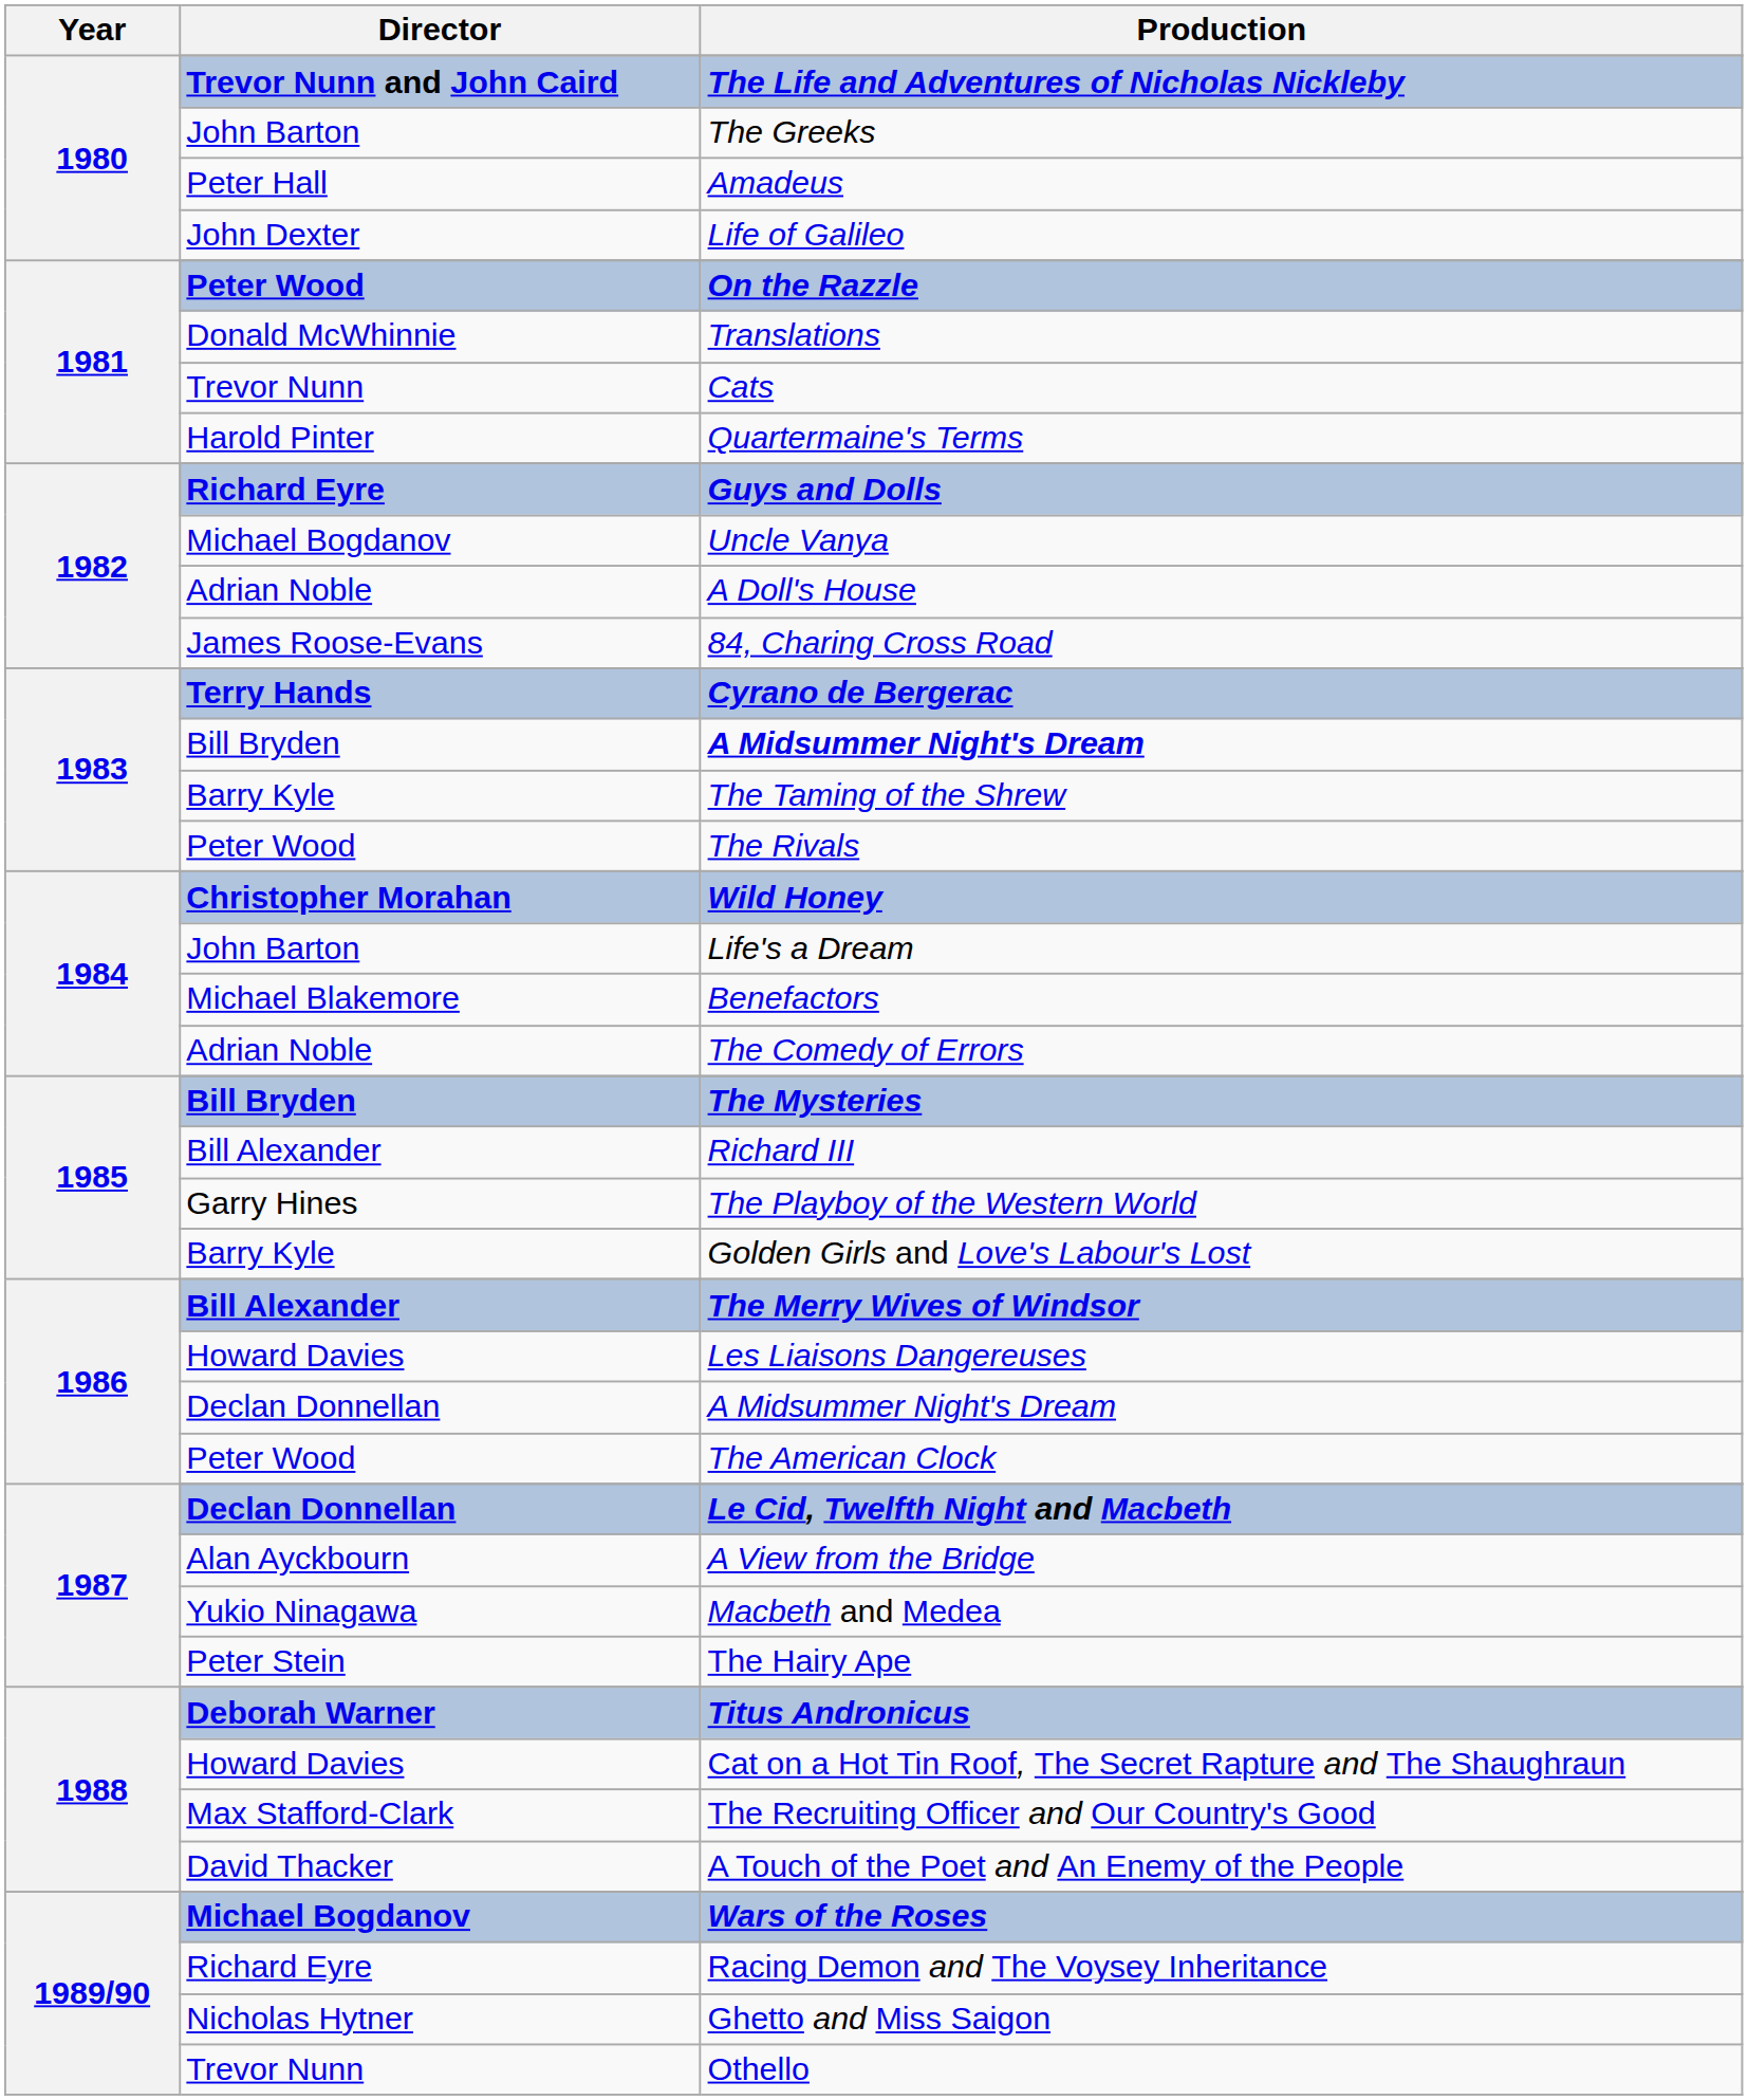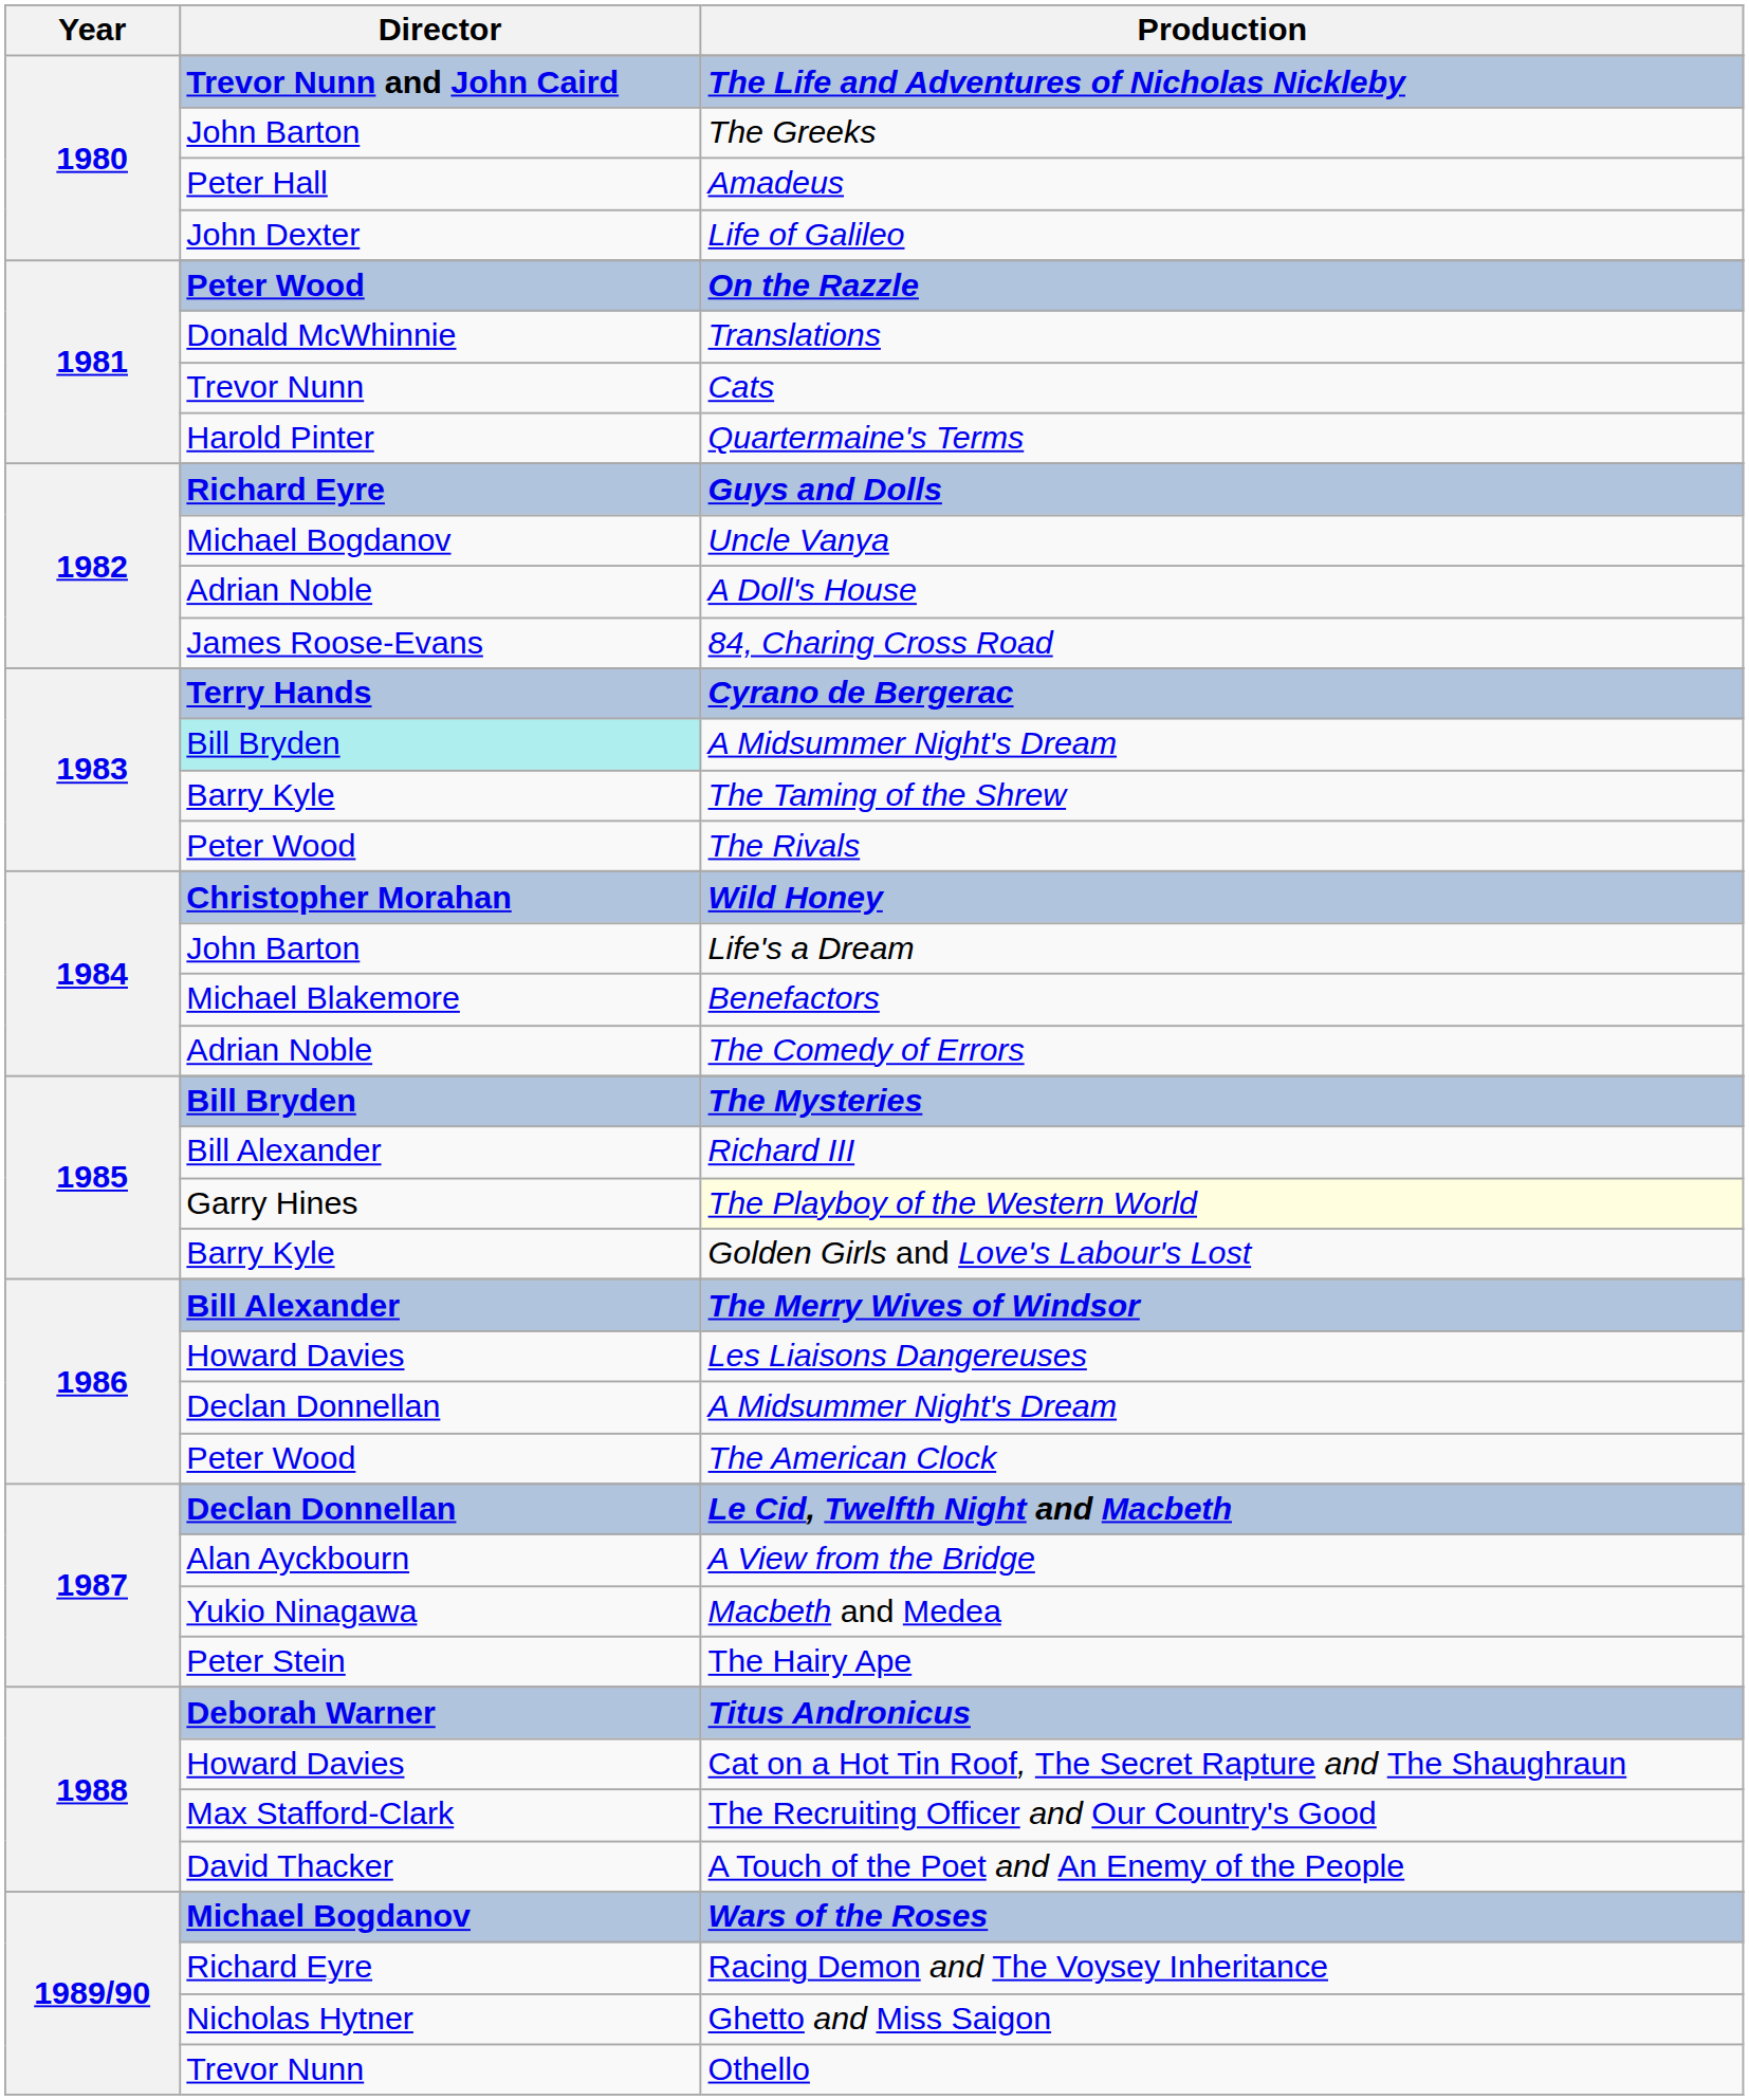 <table class="wikitable" style="width:98%;">
 <tr>
 <th style="width:10%;">Year</th>
 <th style="width:30%;">Director</th>
 <th style="width:60%;">Production</th>
 </tr>
 <tr>
 <th rowspan="5"><a href='#'>1980</a></th>
 </tr>
 <tr style="background:#B0C4DE">
 <td><strong><a href='#'>Trevor Nunn</a> and <a href='#'>John Caird</a></strong></td>
 <td><strong><em><a href='#'>The Life and Adventures of Nicholas Nickleby</a></em></strong></td>
 </tr>
 <tr>
 <td><a href='#'>John Barton</a></td>
 <td><em>The Greeks</em></td>
 </tr>
 <tr>
 <td><a href='#'>Peter Hall</a></td>
 <td><em><a href='#'>Amadeus</a></em></td>
 </tr>
 <tr>
 <td><a href='#'>John Dexter</a></td>
 <td><em><a href='#'>Life of Galileo</a></em></td>
 </tr>
 <tr>
 <th rowspan="5"><a href='#'>1981</a></th>
 </tr>
 <tr style="background:#B0C4DE">
 <td><strong><a href='#'>Peter Wood</a></strong></td>
 <td><strong><em><a href='#'>On the Razzle</a></em></strong></td>
 </tr>
 <tr>
 <td><a href='#'>Donald McWhinnie</a></td>
 <td><em><a href='#'>Translations</a></em></td>
 </tr>
 <tr>
 <td><a href='#'>Trevor Nunn</a></td>
 <td><em><a href='#'>Cats</a></em></td>
 </tr>
 <tr>
 <td><a href='#'>Harold Pinter</a></td>
 <td><em><a href='#'>Quartermaine's Terms</a></em></td>
 </tr>
 <tr>
 <th rowspan="5"><a href='#'>1982</a></th>
 </tr>
 <tr style="background:#B0C4DE">
 <td><strong><a href='#'>Richard Eyre</a></strong></td>
 <td><strong><em><a href='#'>Guys and Dolls</a></em></strong></td>
 </tr>
 <tr>
 <td><a href='#'>Michael Bogdanov</a></td>
 <td><em><a href='#'>Uncle Vanya</a></em></td>
 </tr>
 <tr>
 <td><a href='#'>Adrian Noble</a></td>
 <td><em><a href='#'>A Doll's House</a></em></td>
 </tr>
 <tr>
 <td><a href='#'>James Roose-Evans</a></td>
 <td><em><a href='#'>84, Charing Cross Road</a></em></td>
 </tr>
 <tr>
 <th rowspan="5"><a href='#'>1983</a></th>
 </tr>
 <tr style="background:#B0C4DE">
 <td><strong><a href='#'>Terry Hands</a></strong></td>
 <td><strong><em><a href='#'>Cyrano de Bergerac</a></em></strong></td>
 </tr>
 <tr>
-<td><a href='#'>Bill Bryden</a></td>
-<td><strong><em><a href='#'>A Midsummer Night's Dream</a></em></strong></td>
+<td style="background: paleturquoise;"><a href='#'>Bill Bryden</a></td>
+<td><em><a href='#'>A Midsummer Night's Dream</a></em></td>
 </tr>
 <tr>
 <td><a href='#'>Barry Kyle</a></td>
 <td><em><a href='#'>The Taming of the Shrew</a></em></td>
 </tr>
 <tr>
 <td><a href='#'>Peter Wood</a></td>
 <td><em><a href='#'>The Rivals</a></em></td>
 </tr>
 <tr>
 <th rowspan="5"><a href='#'>1984</a></th>
 </tr>
 <tr style="background:#B0C4DE">
 <td><strong><a href='#'>Christopher Morahan</a></strong></td>
 <td><strong><em><a href='#'>Wild Honey</a></em></strong></td>
 </tr>
 <tr>
 <td><a href='#'>John Barton</a></td>
 <td><em>Life's a Dream</em></td>
 </tr>
 <tr>
 <td><a href='#'>Michael Blakemore</a></td>
 <td><em><a href='#'>Benefactors</a></em></td>
 </tr>
 <tr>
 <td><a href='#'>Adrian Noble</a></td>
 <td><em><a href='#'>The Comedy of Errors</a></em></td>
 </tr>
 <tr>
 <th rowspan="5"><a href='#'>1985</a></th>
 </tr>
 <tr style="background:#B0C4DE">
 <td><strong><a href='#'>Bill Bryden</a></strong></td>
 <td><strong><em><a href='#'>The Mysteries</a></em></strong></td>
 </tr>
 <tr>
 <td><a href='#'>Bill Alexander</a></td>
 <td><em><a href='#'>Richard III</a></em></td>
 </tr>
 <tr>
 <td>Garry Hines</td>
-<td><em><a href='#'>The Playboy of the Western World</a></em></td>
+<td style="background: lightyellow;"><em><a href='#'>The Playboy of the Western World</a></em></td>
 </tr>
 <tr>
 <td><a href='#'>Barry Kyle</a></td>
 <td><em>Golden Girls</em> and <em><a href='#'>Love's Labour's Lost</a></em></td>
 </tr>
 <tr>
 <th rowspan="5"><a href='#'>1986</a></th>
 </tr>
 <tr style="background:#B0C4DE">
 <td><strong><a href='#'>Bill Alexander</a></strong></td>
 <td><strong><em><a href='#'>The Merry Wives of Windsor</a></em></strong></td>
 </tr>
 <tr>
 <td><a href='#'>Howard Davies</a></td>
 <td><em><a href='#'>Les Liaisons Dangereuses</a></em></td>
 </tr>
 <tr>
 <td><a href='#'>Declan Donnellan</a></td>
 <td><em><a href='#'>A Midsummer Night's Dream</a></em></td>
 </tr>
 <tr>
 <td><a href='#'>Peter Wood</a></td>
 <td><em><a href='#'>The American Clock</a></em></td>
 </tr>
 <tr>
 <th rowspan="5"><a href='#'>1987</a></th>
 </tr>
 <tr style="background:#B0C4DE">
 <td><strong><a href='#'>Declan Donnellan</a></strong></td>
 <td><strong><em><a href='#'>Le Cid</a><em>, </em><a href='#'>Twelfth Night</a><em> and </em><a href='#'>Macbeth</a></em></strong></td>
 </tr>
 <tr>
 <td><a href='#'>Alan Ayckbourn</a></td>
 <td><em><a href='#'>A View from the Bridge</a></em></td>
 </tr>
 <tr>
 <td><a href='#'>Yukio Ninagawa</a></td>
 <td><em><a href='#'>Macbeth</a></em> and <a href='#'>Medea</a><em></td>
 </tr>
 <tr>
 <td><a href='#'>Peter Stein</a></td>
 <td></em><a href='#'>The Hairy Ape</a><em></td>
 </tr>
 <tr>
 <th rowspan="5"><a href='#'>1988</a></th>
 </tr>
 <tr style="background:#B0C4DE">
 <td><strong><a href='#'>Deborah Warner</a></strong></td>
 <td><strong><em><a href='#'>Titus Andronicus</a></em></strong></td>
 </tr>
 <tr>
 <td><a href='#'>Howard Davies</a></td>
 <td></em><a href='#'>Cat on a Hot Tin Roof</a><em>, </em><a href='#'>The Secret Rapture</a><em> and </em><a href='#'>The Shaughraun</a><em></td>
 </tr>
 <tr>
 <td><a href='#'>Max Stafford-Clark</a></td>
 <td></em><a href='#'>The Recruiting Officer</a><em> and </em><a href='#'>Our Country's Good</a><em></td>
 </tr>
 <tr>
 <td><a href='#'>David Thacker</a></td>
 <td></em><a href='#'>A Touch of the Poet</a><em> and </em><a href='#'>An Enemy of the People</a><em></td>
 </tr>
 <tr>
 <th rowspan="5"><a href='#'>1989/90</a></th>
 </tr>
 <tr style="background:#B0C4DE">
 <td><strong><a href='#'>Michael Bogdanov</a></strong></td>
 <td><strong><em><a href='#'>Wars of the Roses</a></em></strong></td>
 </tr>
 <tr>
 <td><a href='#'>Richard Eyre</a></td>
 <td></em><a href='#'>Racing Demon</a><em> and </em><a href='#'>The Voysey Inheritance</a><em></td>
 </tr>
 <tr>
 <td><a href='#'>Nicholas Hytner</a></td>
 <td></em><a href='#'>Ghetto</a><em> and </em><a href='#'>Miss Saigon</a><em></td>
 </tr>
 <tr>
 <td><a href='#'>Trevor Nunn</a></td>
 <td></em><a href='#'>Othello</a><em></td>
 </tr>
 </table>
